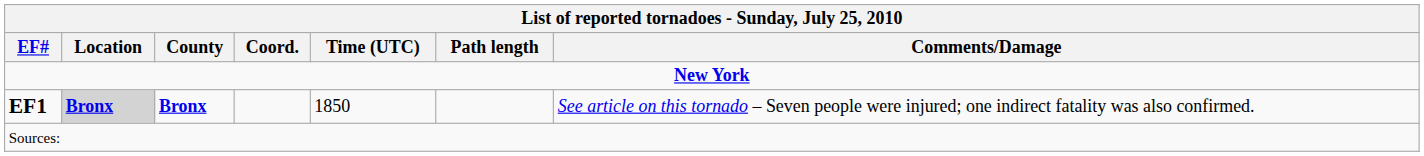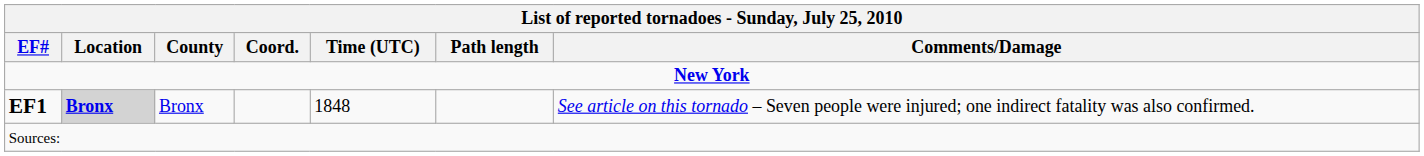 <table class="wikitable collapsible" style="width:100%;">
 <tr>
 <th colspan="7">List of reported tornadoes - Sunday, July 25, 2010</th>
 </tr>
 <tr>
 <th><a href='#'>EF#</a></th>
 <th>Location</th>
 <th>County</th>
 <th>Coord.</th>
 <th>Time (UTC)</th>
 <th>Path length</th>
 <th>Comments/Damage</th>
 </tr>
 <tr>
 <td colspan="7" style="text-align:center;"><strong><a href='#'>New York</a></strong></td>
 </tr>
 <tr>
 <td><big><strong>EF1</strong></big></td>
 <td style="background: lightgrey;"><strong><a href='#'>Bronx</a></strong></td>
-<td><strong><a href='#'>Bronx</a></strong></td>
+<td><a href='#'>Bronx</a></td>
 <td></td>
-<td>1850</td>
+<td>1848</td>
 <td></td>
 <td><em><a href='#'>See article on this tornado</a></em> – Seven people were injured; one indirect fatality was also confirmed.</td>
 </tr>
 <tr>
 <td colspan="7"><small>Sources: </small></td>
 </tr>
 </table>
